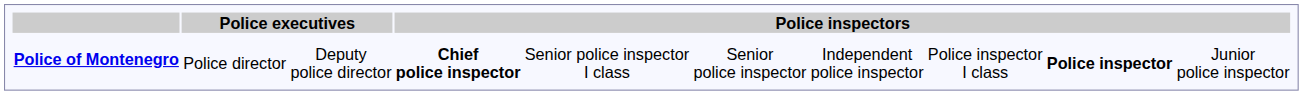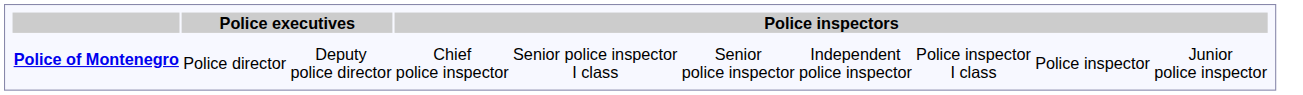 <table style="border:1px solid #8888aa; background-color:#f7f8ff; padding:5px; font-size:95%; margin: 0px 12px 12px 0px;">
 <tr bgcolor="#CCCCCC">
 <th colspan1></th>
 <th colspan=2>Police executives</th>
 <th colspan=7>Police inspectors</th>
 </tr>
 <tr style="text-align:center;">
 <td rowspan=3> <strong><a href='#'>Police of Montenegro</a></strong></td>
 <td></td>
 <td></td>
 <td></td>
 <td></td>
 <td></td>
 <td></td>
 <td></td>
 <td></td>
 <td></td>
 </tr>
 <tr style="text-align:center;">
 <td></td>
 <td></td>
 <td></td>
 <td></td>
 <td></td>
 <td></td>
 <td></td>
 <td></td>
 <td></td>
 </tr>
 <tr style="text-align:center;">
 <td>Police director</td>
 <td>Deputy<br>police director</td>
-<td><strong>Chief<br>police inspector</strong></td>
+<td>Chief<br>police inspector</td>
 <td>Senior police inspector<br>I class</td>
 <td>Senior<br>police inspector</td>
 <td>Independent<br>police inspector</td>
 <td>Police inspector<br>I class</td>
-<td><strong>Police inspector</strong></td>
+<td>Police inspector</td>
 <td>Junior<br>police inspector</td>
 </tr>
 </table>
